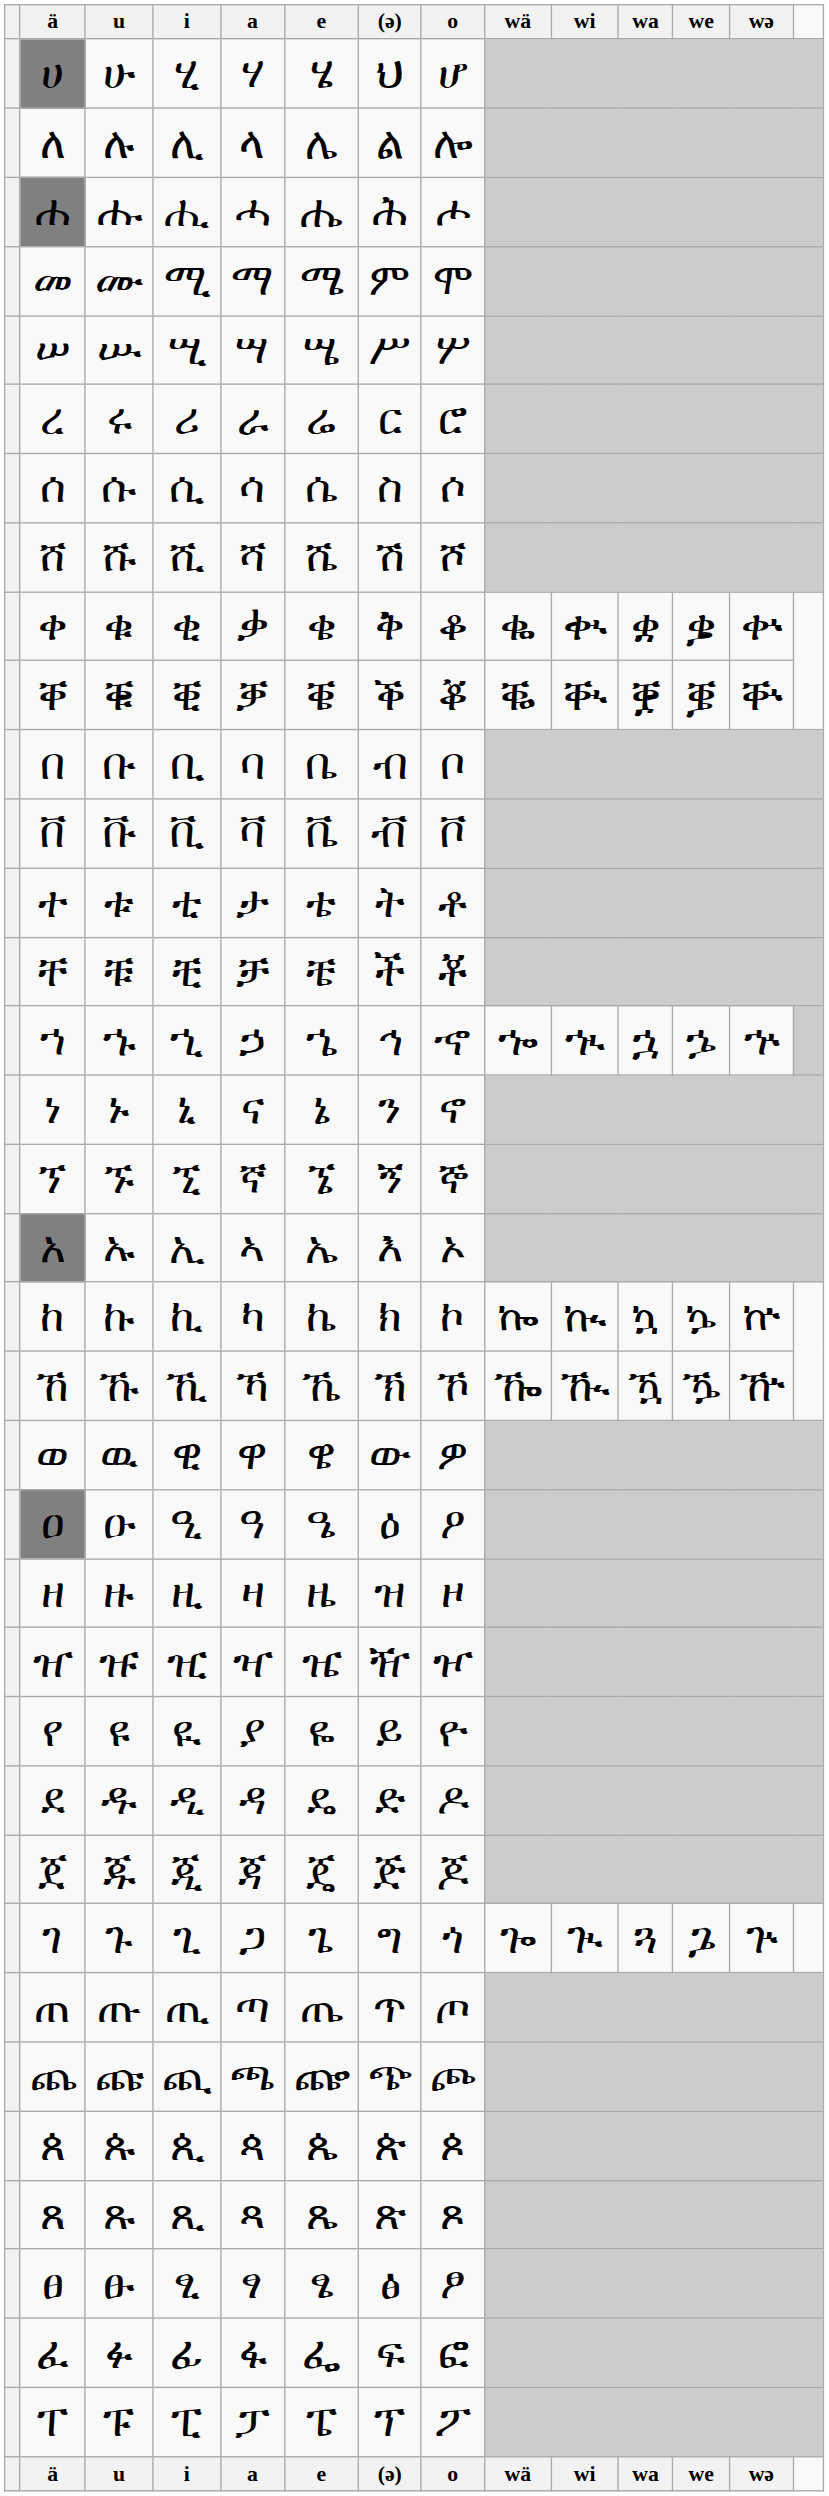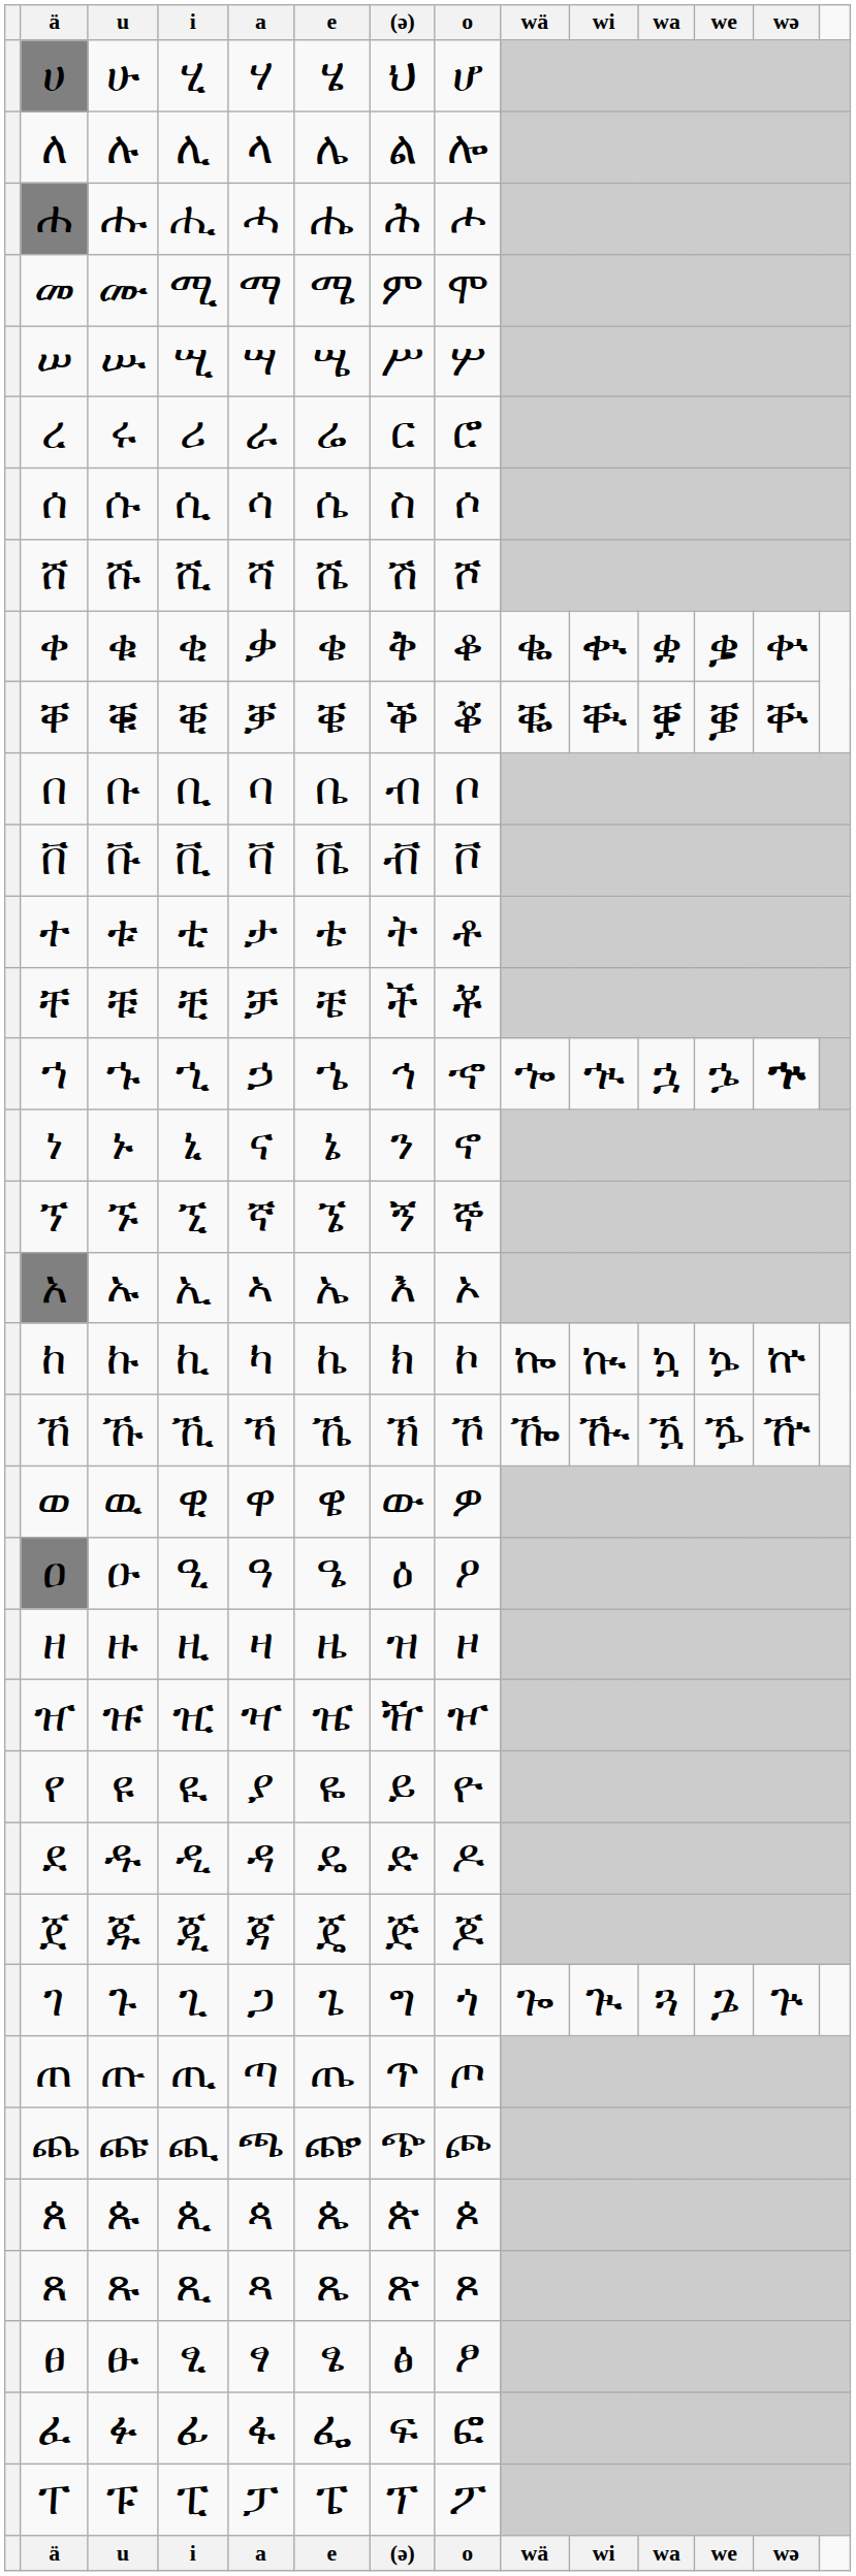 <table class="wikitable" style="text-align:center">
 <tr valign=top>
 <th> </th>
 <th>ä</th>
 <th>u</th>
 <th>i</th>
 <th>a</th>
 <th>e</th>
 <th>(ə)</th>
 <th>o</th>
 <th>wä</th>
 <th>wi</th>
 <th>wa</th>
 <th>we</th>
 <th>wə</th>
 </tr>
 <tr style="font-size:2em">
 <th style="font-size:0.5em"></th>
 <td style="background:gray">ሀ</td>
 <td>ሁ</td>
 <td>ሂ</td>
 <td>ሃ</td>
 <td>ሄ</td>
 <td>ህ</td>
 <td>ሆ</td>
 <td colspan="6" style="background:#cccccc"> </td>
 </tr>
 <tr style="font-size:2em">
 <th style="font-size:0.5em"></th>
 <td>ለ</td>
 <td>ሉ</td>
 <td>ሊ</td>
 <td>ላ</td>
 <td>ሌ</td>
 <td>ል</td>
 <td>ሎ</td>
 <td colspan="6" style="background:#cccccc"> </td>
 </tr>
 <tr style="font-size:2em">
 <th style="font-size:0.5em"></th>
 <td style="background:gray">ሐ</td>
 <td>ሑ</td>
 <td>ሒ</td>
 <td>ሓ</td>
 <td>ሔ</td>
 <td>ሕ</td>
 <td>ሖ</td>
 <td colspan="6" style="background:#cccccc"> </td>
 </tr>
 <tr style="font-size:2em">
 <th style="font-size:0.5em"></th>
 <td>መ</td>
 <td>ሙ</td>
 <td>ሚ</td>
 <td>ማ</td>
 <td>ሜ</td>
 <td>ም</td>
 <td>ሞ</td>
 <td colspan="6" style="background:#cccccc"> </td>
 </tr>
 <tr style="font-size:2em">
 <th style="font-size:0.5em"></th>
 <td>ሠ</td>
 <td>ሡ</td>
 <td>ሢ</td>
 <td>ሣ</td>
 <td>ሤ</td>
 <td>ሥ</td>
 <td>ሦ</td>
 <td colspan="6" style="background:#cccccc"> </td>
 </tr>
 <tr style="font-size:2em">
 <th style="font-size:0.5em"></th>
 <td>ረ</td>
 <td>ሩ</td>
 <td>ሪ</td>
 <td>ራ</td>
 <td>ሬ</td>
 <td>ር</td>
 <td>ሮ</td>
 <td colspan="6" style="background:#cccccc"> </td>
 </tr>
 <tr style="font-size:2em">
 <th style="font-size:0.5em"></th>
 <td>ሰ</td>
 <td>ሱ</td>
 <td>ሲ</td>
 <td>ሳ</td>
 <td>ሴ</td>
 <td>ስ</td>
 <td>ሶ</td>
 <td colspan="6" style="background:#cccccc"> </td>
 </tr>
 <tr style="font-size:2em">
 <th style="font-size:0.5em"></th>
 <td>ሸ</td>
 <td>ሹ</td>
 <td>ሺ</td>
 <td>ሻ</td>
 <td>ሼ</td>
 <td>ሽ</td>
 <td>ሾ</td>
 <td colspan="6" style="background:#cccccc"> </td>
 </tr>
 <tr style="font-size:2em">
 <th style="font-size:0.5em"></th>
 <td>ቀ</td>
 <td>ቁ</td>
 <td>ቂ</td>
 <td>ቃ</td>
 <td>ቄ</td>
 <td>ቅ</td>
 <td>ቆ</td>
 <td>ቈ</td>
 <td>ቊ</td>
 <td>ቋ</td>
 <td>ቌ</td>
 <td>ቍ</td>
 </tr>
 <tr style="font-size:2em">
 <th style="font-size:0.5em"></th>
 <td>ቐ</td>
 <td>ቑ</td>
 <td>ቒ</td>
 <td>ቓ</td>
 <td>ቔ</td>
 <td>ቕ</td>
 <td>ቖ</td>
 <td>ቘ</td>
 <td>ቚ</td>
 <td>ቛ</td>
 <td>ቜ</td>
 <td>ቝ</td>
 </tr>
 <tr style="font-size:2em">
 <th style="font-size:0.5em"></th>
 <td>በ</td>
 <td>ቡ</td>
 <td>ቢ</td>
 <td>ባ</td>
 <td>ቤ</td>
 <td>ብ</td>
 <td>ቦ</td>
 <td colspan="6" style="background:#cccccc"> </td>
 </tr>
 <tr style="font-size:2em">
 <th style="font-size:0.5em"></th>
 <td>ቨ</td>
 <td>ቩ</td>
 <td>ቪ</td>
 <td>ቫ</td>
 <td>ቬ</td>
 <td>ቭ</td>
 <td>ቮ</td>
 <td colspan="6" style="background:#cccccc"> </td>
 </tr>
 <tr style="font-size:2em">
 <th style="font-size:0.5em"></th>
 <td>ተ</td>
 <td>ቱ</td>
 <td>ቲ</td>
 <td>ታ</td>
 <td>ቴ</td>
 <td>ት</td>
 <td>ቶ</td>
 <td colspan="6" style="background:#cccccc"> </td>
 </tr>
 <tr style="font-size:2em">
 <th style="font-size:0.5em"></th>
 <td>ቸ</td>
 <td>ቹ</td>
 <td>ቺ</td>
 <td>ቻ</td>
 <td>ቼ</td>
 <td>ች</td>
 <td>ቾ</td>
 <td colspan="6" style="background:#cccccc"> </td>
 </tr>
 <tr style="font-size:2em">
 <th style="font-size:0.5em"></th>
 <td>ኀ</td>
 <td>ኁ</td>
 <td>ኂ</td>
 <td>ኃ</td>
 <td>ኄ</td>
 <td>ኅ</td>
 <td>ኆ</td>
 <td>ኈ</td>
 <td>ኊ</td>
 <td>ኋ</td>
 <td>ኌ</td>
-<td>ኍ</td>
+<td><strong>ኍ</strong></td>
 <td colspan="6" style="background:#cccccc"> </td>
 </tr>
 <tr style="font-size:2em">
 <th style="font-size:0.5em"></th>
 <td>ነ</td>
 <td>ኑ</td>
 <td>ኒ</td>
 <td>ና</td>
 <td>ኔ</td>
 <td>ን</td>
 <td>ኖ</td>
 <td colspan="6" style="background:#cccccc"> </td>
 </tr>
 <tr style="font-size:2em">
 <th style="font-size:0.5em"></th>
 <td>ኘ</td>
 <td>ኙ</td>
 <td>ኚ</td>
 <td>ኛ</td>
 <td>ኜ</td>
 <td>ኝ</td>
 <td>ኞ</td>
 <td colspan="6" style="background:#cccccc"> </td>
 </tr>
 <tr style="font-size:2em">
 <th style="font-size:0.5em"></th>
 <td style="background:gray">አ</td>
 <td>ኡ</td>
 <td>ኢ</td>
 <td>ኣ</td>
 <td>ኤ</td>
 <td>እ</td>
 <td>ኦ</td>
 <td colspan="6" style="background:#cccccc"> </td>
 </tr>
 <tr style="font-size:2em">
 <th style="font-size:0.5em"></th>
 <td>ከ</td>
 <td>ኩ</td>
 <td>ኪ</td>
 <td>ካ</td>
 <td>ኬ</td>
 <td>ክ</td>
 <td>ኮ</td>
 <td>ኰ</td>
 <td>ኲ</td>
 <td>ኳ</td>
 <td>ኴ</td>
 <td>ኵ</td>
 </tr>
 <tr style="font-size:2em">
 <th style="font-size:0.5em"></th>
 <td>ኸ</td>
 <td>ኹ</td>
 <td>ኺ</td>
 <td>ኻ</td>
 <td>ኼ</td>
 <td>ኽ</td>
 <td>ኾ</td>
 <td>ዀ</td>
 <td>ዂ</td>
 <td>ዃ</td>
 <td>ዄ</td>
 <td>ዅ</td>
 </tr>
 <tr style="font-size:2em">
 <th style="font-size:0.5em"></th>
 <td>ወ</td>
 <td>ዉ</td>
 <td>ዊ</td>
 <td>ዋ</td>
 <td>ዌ</td>
 <td>ው</td>
 <td>ዎ</td>
 <td colspan="6" style="background:#cccccc"> </td>
 </tr>
 <tr style="font-size:2em">
 <th style="font-size:0.5em"></th>
 <td style="background:gray">ዐ</td>
 <td>ዑ</td>
 <td>ዒ</td>
 <td>ዓ</td>
 <td>ዔ</td>
 <td>ዕ</td>
 <td>ዖ</td>
 <td colspan="6" style="background:#cccccc"> </td>
 </tr>
 <tr style="font-size:2em">
 <th style="font-size:0.5em"></th>
 <td>ዘ</td>
 <td>ዙ</td>
 <td>ዚ</td>
 <td>ዛ</td>
 <td>ዜ</td>
 <td>ዝ</td>
 <td>ዞ</td>
 <td colspan="6" style="background:#cccccc"> </td>
 </tr>
 <tr style="font-size:2em">
 <th style="font-size:0.5em"></th>
 <td>ዠ</td>
 <td>ዡ</td>
 <td>ዢ</td>
 <td>ዣ</td>
 <td>ዤ</td>
 <td>ዥ</td>
 <td>ዦ</td>
 <td colspan="6" style="background:#cccccc"> </td>
 </tr>
 <tr style="font-size:2em">
 <th style="font-size:0.5em"></th>
 <td>የ</td>
 <td>ዩ</td>
 <td>ዪ</td>
 <td>ያ</td>
 <td>ዬ</td>
 <td>ይ</td>
 <td>ዮ</td>
 <td colspan="6" style="background:#cccccc"> </td>
 </tr>
 <tr style="font-size:2em">
 <th style="font-size:0.5em"></th>
 <td>ደ</td>
 <td>ዱ</td>
 <td>ዲ</td>
 <td>ዳ</td>
 <td>ዴ</td>
 <td>ድ</td>
 <td>ዶ</td>
 <td colspan="6" style="background:#cccccc"> </td>
 </tr>
 <tr style="font-size:2em">
 <th style="font-size:0.5em"></th>
 <td>ጀ</td>
 <td>ጁ</td>
 <td>ጂ</td>
 <td>ጃ</td>
 <td>ጄ</td>
 <td>ጅ</td>
 <td>ጆ</td>
 <td colspan="6" style="background:#cccccc"> </td>
 </tr>
 <tr style="font-size:2em">
 <th style="font-size:0.5em"></th>
 <td>ገ</td>
 <td>ጉ</td>
 <td>ጊ</td>
 <td>ጋ</td>
 <td>ጌ</td>
 <td>ግ</td>
 <td>ጎ</td>
 <td>ጐ</td>
 <td>ጒ</td>
 <td>ጓ</td>
 <td>ጔ</td>
 <td>ጕ</td>
 </tr>
 <tr style="font-size:2em">
 <th style="font-size:0.5em"></th>
 <td>ጠ</td>
 <td>ጡ</td>
 <td>ጢ</td>
 <td>ጣ</td>
 <td>ጤ</td>
 <td>ጥ</td>
 <td>ጦ</td>
 <td colspan="6" style="background:#cccccc"> </td>
 </tr>
 <tr style="font-size:2em">
 <th style="font-size:0.5em"></th>
 <td>ጨ</td>
 <td>ጩ</td>
 <td>ጪ</td>
 <td>ጫ</td>
 <td>ጬ</td>
 <td>ጭ</td>
 <td>ጮ</td>
 <td colspan="6" style="background:#cccccc"> </td>
 </tr>
 <tr style="font-size:2em">
 <th style="font-size:0.5em"></th>
 <td>ጰ</td>
 <td>ጱ</td>
 <td>ጲ</td>
 <td>ጳ</td>
 <td>ጴ</td>
 <td>ጵ</td>
 <td>ጶ</td>
 <td colspan="6" style="background:#cccccc"> </td>
 </tr>
 <tr style="font-size:2em">
 <th style="font-size:0.5em"></th>
 <td>ጸ</td>
 <td>ጹ</td>
 <td>ጺ</td>
 <td>ጻ</td>
 <td>ጼ</td>
 <td>ጽ</td>
 <td>ጾ</td>
 <td colspan="6" style="background:#cccccc"> </td>
 </tr>
 <tr style="font-size:2em">
 <th style="font-size:0.5em"></th>
 <td>ፀ</td>
 <td>ፁ</td>
 <td>ፂ</td>
 <td>ፃ</td>
 <td>ፄ</td>
 <td>ፅ</td>
 <td>ፆ</td>
 <td colspan="6" style="background:#cccccc"> </td>
 </tr>
 <tr style="font-size:2em">
 <th style="font-size:0.5em"></th>
 <td>ፈ</td>
 <td>ፉ</td>
 <td>ፊ</td>
 <td>ፋ</td>
 <td>ፌ</td>
 <td>ፍ</td>
 <td>ፎ</td>
 <td colspan="6" style="background:#cccccc"> </td>
 </tr>
 <tr style="font-size:2em">
 <th style="font-size:0.5em"></th>
 <td>ፐ</td>
 <td>ፑ</td>
 <td>ፒ</td>
 <td>ፓ</td>
 <td>ፔ</td>
 <td>ፕ</td>
 <td>ፖ</td>
 <td colspan="6" style="background:#cccccc"> </td>
 </tr>
 <tr>
 <th> </th>
 <th>ä</th>
 <th>u</th>
 <th>i</th>
 <th>a</th>
 <th>e</th>
 <th>(ə)</th>
 <th>o</th>
 <th>wä</th>
 <th>wi</th>
 <th>wa</th>
 <th>we</th>
 <th>wə</th>
 </tr>
 </table>
